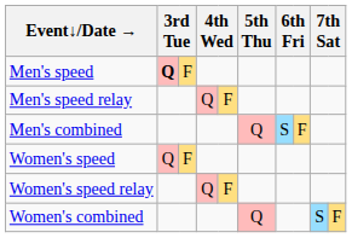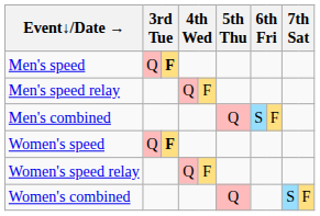 <table class="wikitable" style="margin:0.5em auto; font-size:90%; line-height:1.25em; text-align:center">
 <tr>
 <th>Event↓/Date →</th>
 <th colspan=2>3rd<br>Tue</th>
 <th colspan="2">4th<br>Wed</th>
 <th>5th<br>Thu</th>
 <th colspan="2">6th<br>Fri</th>
 <th colspan="2">7th<br>Sat</th>
 </tr>
 <tr>
 <td align="left"><a href='#'>Men's speed</a></td>
-<td bgcolor="#FFBBBB"><strong>Q</strong></td>
-<td bgcolor="#FFDF80">F</td>
+<td bgcolor="#FFBBBB">Q</td>
+<td bgcolor="#FFDF80"><strong>F</strong></td>
 <td colspan=2></td>
 <td></td>
 <td colspan=2></td>
 </tr>
 <tr>
 <td align="left"><a href='#'>Men's speed relay</a></td>
 <td colspan=2></td>
 <td bgcolor="#FFBBBB">Q</td>
 <td bgcolor="#FFDF80">F</td>
 <td></td>
 <td colspan=2></td>
 <td colspan=2></td>
 </tr>
 <tr>
 <td align="left"><a href='#'>Men's combined</a></td>
 <td colspan=2></td>
 <td colspan=2></td>
 <td bgcolor="#FFBBBB">Q</td>
 <td bgcolor="#97DEFF">S</td>
 <td bgcolor="#FFDF80">F</td>
 <td colspan=2></td>
 </tr>
 <tr>
 <td align="left"><a href='#'>Women's speed</a></td>
 <td bgcolor="#FFBBBB">Q</td>
-<td bgcolor="#FFDF80">F</td>
+<td bgcolor="#FFDF80"><strong>F</strong></td>
 <td colspan=2></td>
 <td></td>
 <td colspan=2></td>
 </tr>
 <tr>
 <td align="left"><a href='#'>Women's speed relay</a></td>
 <td colspan=2></td>
 <td bgcolor="#FFBBBB">Q</td>
 <td bgcolor="#FFDF80">F</td>
 <td></td>
 <td colspan=2></td>
 <td colspan=2></td>
 </tr>
 <tr>
 <td align="left"><a href='#'>Women's combined</a></td>
 <td colspan=2></td>
 <td colspan=2></td>
 <td bgcolor="#FFBBBB">Q</td>
 <td colspan=2></td>
 <td bgcolor="#97DEFF">S</td>
 <td bgcolor="#FFDF80">F</td>
 </tr>
 </table>
